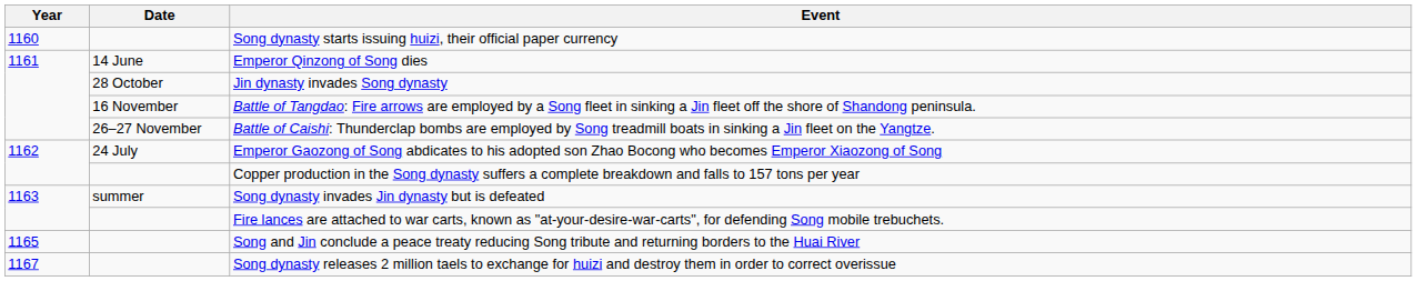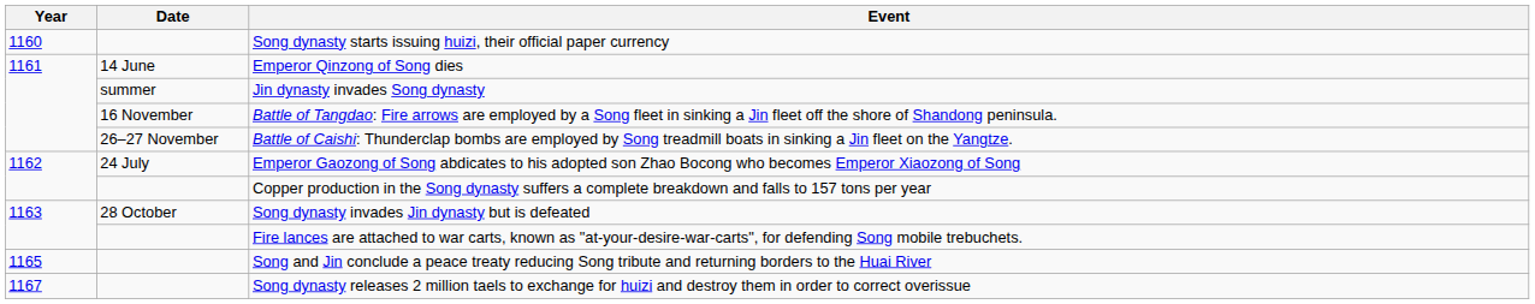 <table class="wikitable" width="100%">
 <tr>
 <th style="width:6%">Year</th>
 <th style="width:10%">Date</th>
 <th>Event</th>
 </tr>
 <tr>
 <td><a href='#'>1160</a></td>
 <td></td>
 <td><a href='#'>Song dynasty</a> starts issuing <a href='#'>huizi</a>, their official paper currency</td>
 </tr>
 <tr>
 <td rowspan="4" valign="top"><a href='#'>1161</a></td>
 <td>14 June</td>
 <td><a href='#'>Emperor Qinzong of Song</a> dies</td>
 </tr>
 <tr>
-<td>28 October</td>
+<td>summer</td>
 <td><a href='#'>Jin dynasty</a> invades <a href='#'>Song dynasty</a></td>
 </tr>
 <tr>
 <td>16 November</td>
 <td><em><a href='#'>Battle of Tangdao</a></em>: <a href='#'>Fire arrows</a> are employed by a <a href='#'>Song</a> fleet in sinking a <a href='#'>Jin</a> fleet off the shore of <a href='#'>Shandong</a> peninsula.</td>
 </tr>
 <tr>
 <td>26–27 November</td>
 <td><em><a href='#'>Battle of Caishi</a></em>: Thunderclap bombs are employed by <a href='#'>Song</a> treadmill boats in sinking a <a href='#'>Jin</a> fleet on the <a href='#'>Yangtze</a>.</td>
 </tr>
 <tr>
 <td rowspan="2" valign="top"><a href='#'>1162</a></td>
 <td>24 July</td>
 <td><a href='#'>Emperor Gaozong of Song</a> abdicates to his adopted son Zhao Bocong who becomes <a href='#'>Emperor Xiaozong of Song</a></td>
 </tr>
 <tr>
 <td></td>
 <td>Copper production in the <a href='#'>Song dynasty</a> suffers a complete breakdown and falls to 157 tons per year</td>
 </tr>
 <tr>
 <td rowspan="2" valign="top"><a href='#'>1163</a></td>
-<td>summer</td>
+<td>28 October</td>
 <td><a href='#'>Song dynasty</a> invades <a href='#'>Jin dynasty</a> but is defeated</td>
 </tr>
 <tr>
 <td></td>
 <td><a href='#'>Fire lances</a> are attached to war carts, known as "at-your-desire-war-carts", for defending <a href='#'>Song</a> mobile trebuchets.</td>
 </tr>
 <tr>
 <td><a href='#'>1165</a></td>
 <td></td>
 <td><a href='#'>Song</a> and <a href='#'>Jin</a> conclude a peace treaty reducing Song tribute and returning borders to the <a href='#'>Huai River</a></td>
 </tr>
 <tr>
 <td><a href='#'>1167</a></td>
 <td></td>
 <td><a href='#'>Song dynasty</a> releases 2 million taels to exchange for <a href='#'>huizi</a> and destroy them in order to correct overissue</td>
 </tr>
 </table>
